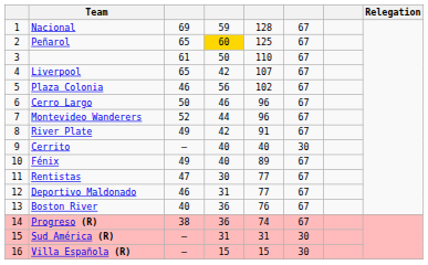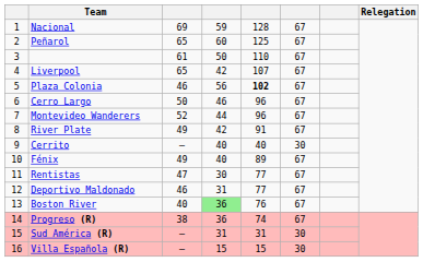 <table class="wikitable" style="text-align: center;">
 <tr>
 <th width=28><br></th>
 <th width=185>Team</th>
 <th width=50></th>
 <th width=50></th>
 <th width=50></th>
 <th width=50></th>
 <th width=50><br></th>
 <th>Relegation</th>
 </tr>
 <tr>
 <td>1</td>
 <td align="left"><a href='#'>Nacional</a></td>
 <td>69</td>
 <td>59</td>
 <td>128</td>
 <td>67</td>
 <td><strong></strong></td>
 <td rowspan=13></td>
 </tr>
 <tr>
 <td>2</td>
 <td align="left"><a href='#'>Peñarol</a></td>
 <td>65</td>
-<td style="background: gold;">60</td>
+<td>60</td>
 <td>125</td>
 <td>67</td>
 <td><strong></strong></td>
 </tr>
 <tr>
 <td>3</td>
 <td align="left"></td>
 <td>61</td>
 <td>50</td>
 <td>110</td>
 <td>67</td>
 <td><strong></strong></td>
 </tr>
 <tr>
 <td>4</td>
 <td align="left"><a href='#'>Liverpool</a></td>
 <td>65</td>
 <td>42</td>
 <td>107</td>
 <td>67</td>
 <td><strong></strong></td>
 </tr>
 <tr>
 <td>5</td>
 <td align="left"><a href='#'>Plaza Colonia</a></td>
 <td>46</td>
 <td>56</td>
-<td>102</td>
+<td><strong>102</strong></td>
 <td>67</td>
 <td><strong></strong></td>
 </tr>
 <tr>
 <td>6</td>
 <td align="left"><a href='#'>Cerro Largo</a></td>
 <td>50</td>
 <td>46</td>
 <td>96</td>
 <td>67</td>
 <td><strong></strong></td>
 </tr>
 <tr>
 <td>7</td>
 <td align="left"><a href='#'>Montevideo Wanderers</a></td>
 <td>52</td>
 <td>44</td>
 <td>96</td>
 <td>67</td>
 <td><strong></strong></td>
 </tr>
 <tr>
 <td>8</td>
 <td align="left"><a href='#'>River Plate</a></td>
 <td>49</td>
 <td>42</td>
 <td>91</td>
 <td>67</td>
 <td><strong></strong></td>
 </tr>
 <tr>
 <td>9</td>
 <td align="left"><a href='#'>Cerrito</a></td>
 <td>—</td>
 <td>40</td>
 <td>40</td>
 <td>30</td>
 <td><strong></strong></td>
 </tr>
 <tr>
 <td>10</td>
 <td align="left"><a href='#'>Fénix</a></td>
 <td>49</td>
 <td>40</td>
 <td>89</td>
 <td>67</td>
 <td><strong></strong></td>
 </tr>
 <tr>
 <td>11</td>
 <td align="left"><a href='#'>Rentistas</a></td>
 <td>47</td>
 <td>30</td>
 <td>77</td>
 <td>67</td>
 <td><strong></strong></td>
 </tr>
 <tr>
 <td>12</td>
 <td align="left"><a href='#'>Deportivo Maldonado</a></td>
 <td>46</td>
 <td>31</td>
 <td>77</td>
 <td>67</td>
 <td><strong></strong></td>
 </tr>
 <tr>
 <td>13</td>
 <td align="left"><a href='#'>Boston River</a></td>
 <td>40</td>
-<td>36</td>
+<td style="background: lightgreen;">36</td>
 <td>76</td>
 <td>67</td>
 <td><strong></strong></td>
 </tr>
 <tr bgcolor=#FFBBBB>
 <td>14</td>
 <td align="left"><a href='#'>Progreso</a> <strong>(R)</strong></td>
 <td>38</td>
 <td>36</td>
 <td>74</td>
 <td>67</td>
 <td><strong></strong></td>
 <td rowspan=3></td>
 </tr>
 <tr bgcolor=#FFBBBB>
 <td>15</td>
 <td align="left"><a href='#'>Sud América</a> <strong>(R)</strong></td>
 <td>—</td>
 <td>31</td>
 <td>31</td>
 <td>30</td>
 <td><strong></strong></td>
 </tr>
 <tr bgcolor=#FFBBBB>
 <td>16</td>
 <td align="left"><a href='#'>Villa Española</a> <strong>(R)</strong></td>
 <td>—</td>
 <td>15</td>
 <td>15</td>
 <td>30</td>
 <td><strong></strong></td>
 </tr>
 </table>
